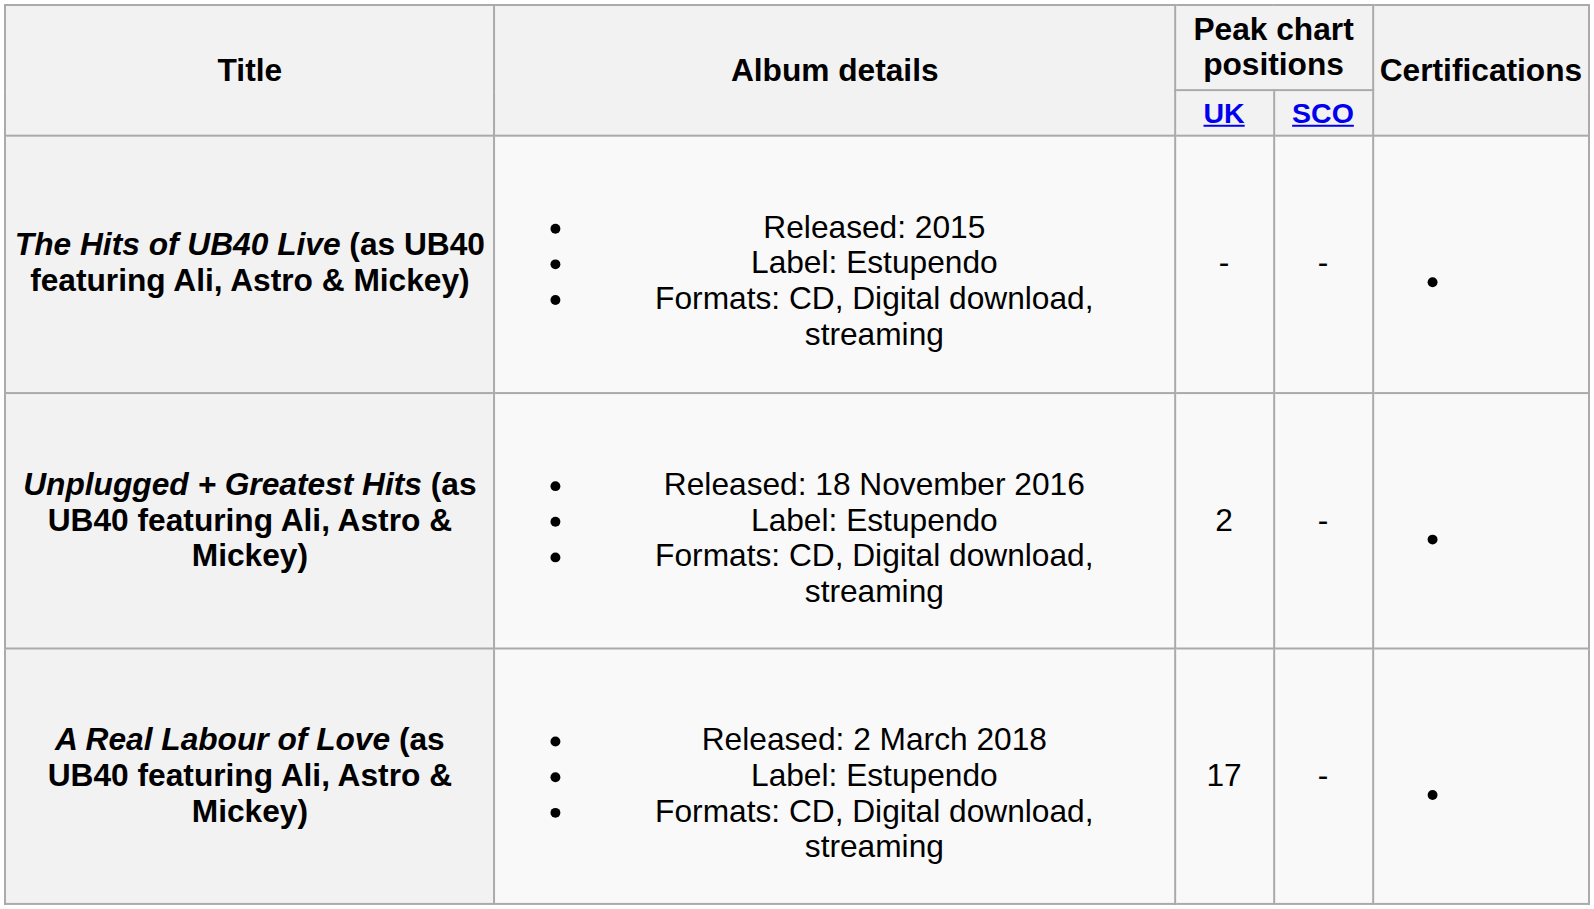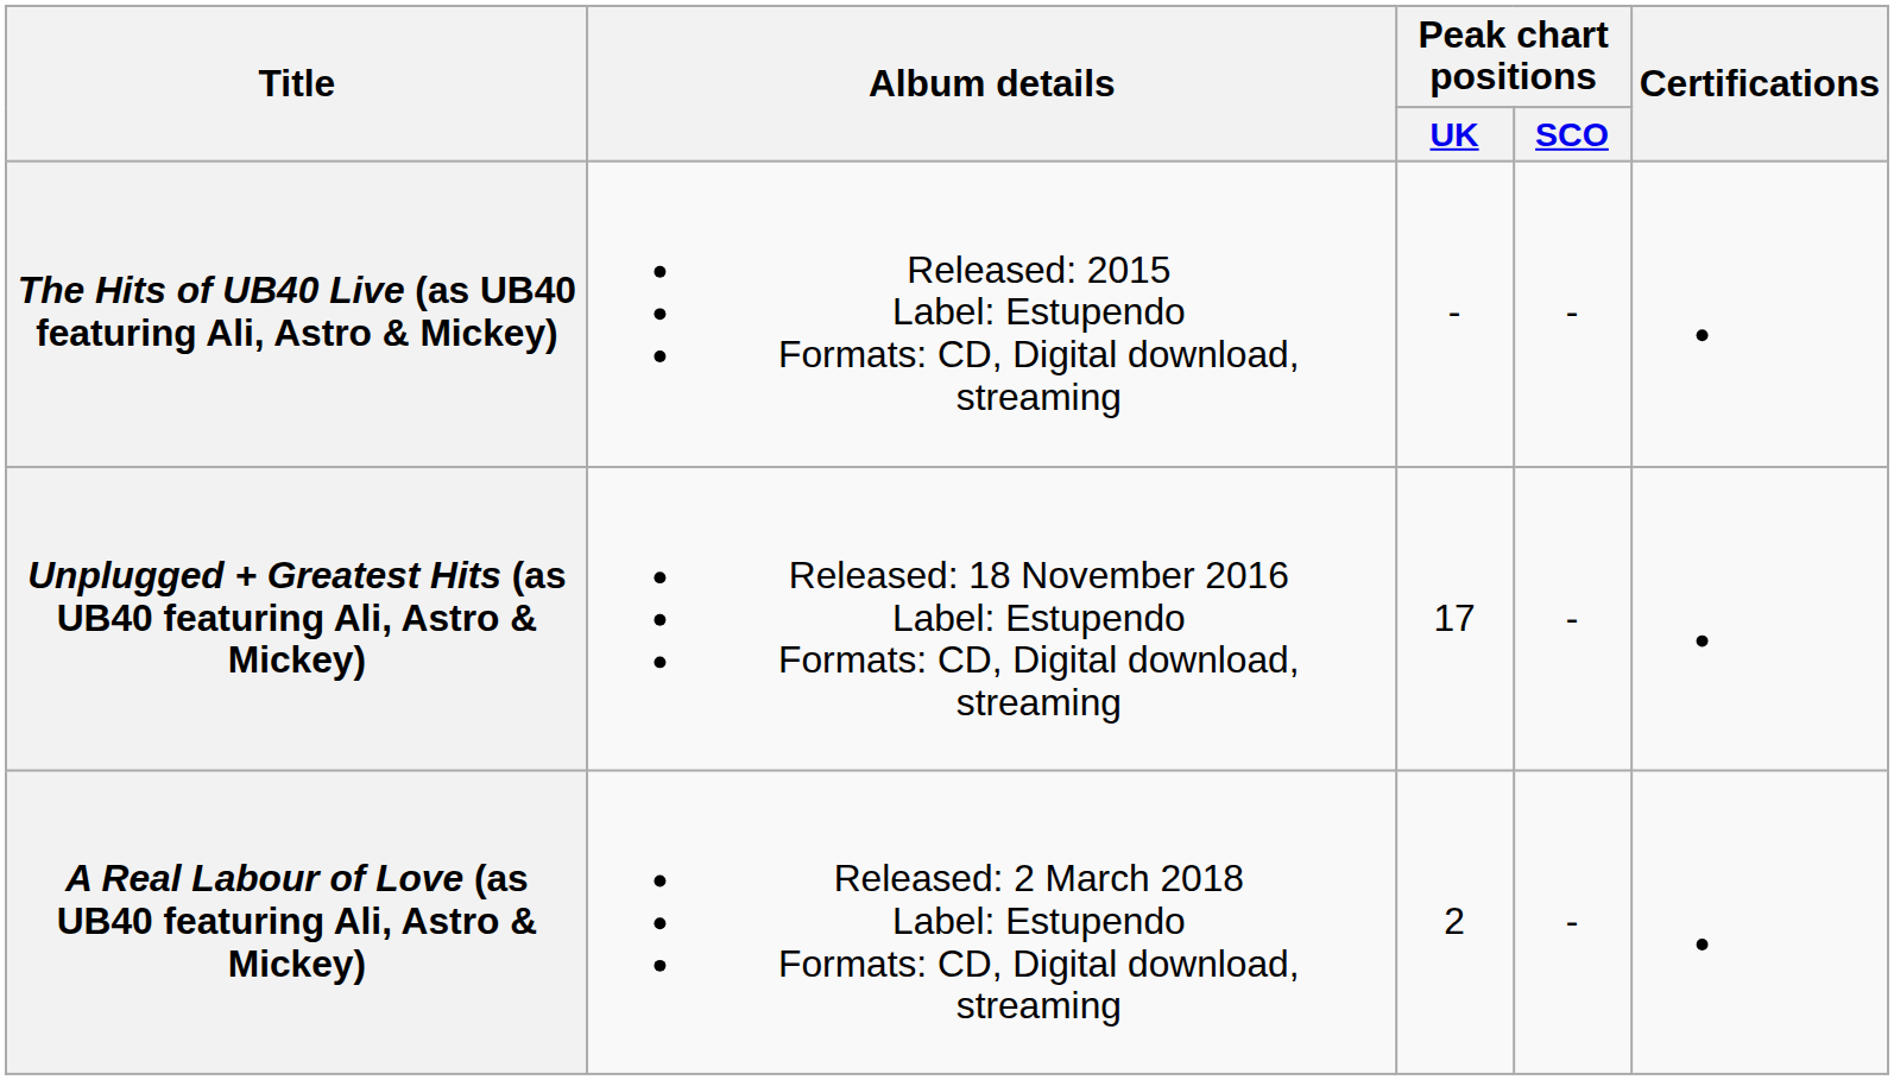 <table class="wikitable plainrowheaders" style="text-align:center;">
 <tr>
 <th scope="col" rowspan="2" style="width:15em;">Title</th>
 <th scope="col" rowspan="2" style="width:21em;">Album details</th>
 <th scope="col" colspan="2">Peak chart positions</th>
 <th scope="col" rowspan="2">Certifications</th>
 </tr>
 <tr>
 <th scope="col" style="width:3em;font-size:90%;"><a href='#'>UK</a><br></th>
 <th scope="col" style="width:3em;font-size:90%;"><a href='#'>SCO</a></th>
 </tr>
 <tr>
 <th scope="row"><em>The Hits of UB40 Live</em> (as UB40 featuring Ali, Astro & Mickey)</th>
 <td><br><ul><li>Released: 2015</li><li>Label: Estupendo</li><li>Formats: CD, Digital download, streaming</li></ul></td>
 <td>-</td>
 <td>-</td>
 <td><br><ul><li></li></ul></td>
 </tr>
 <tr>
 <th scope="row"><em>Unplugged + Greatest Hits</em> (as UB40 featuring Ali, Astro & Mickey)</th>
 <td><br><ul><li>Released: 18 November 2016</li><li>Label: Estupendo</li><li>Formats: CD, Digital download, streaming</li></ul></td>
-<td>2</td>
+<td>17</td>
 <td>-</td>
 <td><br><ul><li></li></ul></td>
 </tr>
 <tr>
 <th scope="row"><em>A Real Labour of Love</em> (as UB40 featuring Ali, Astro & Mickey)</th>
 <td><br><ul><li>Released: 2 March 2018</li><li>Label: Estupendo</li><li>Formats: CD, Digital download, streaming</li></ul></td>
-<td>17</td>
+<td>2</td>
 <td>-</td>
 <td><br><ul><li></li></ul></td>
 </tr>
 </table>
